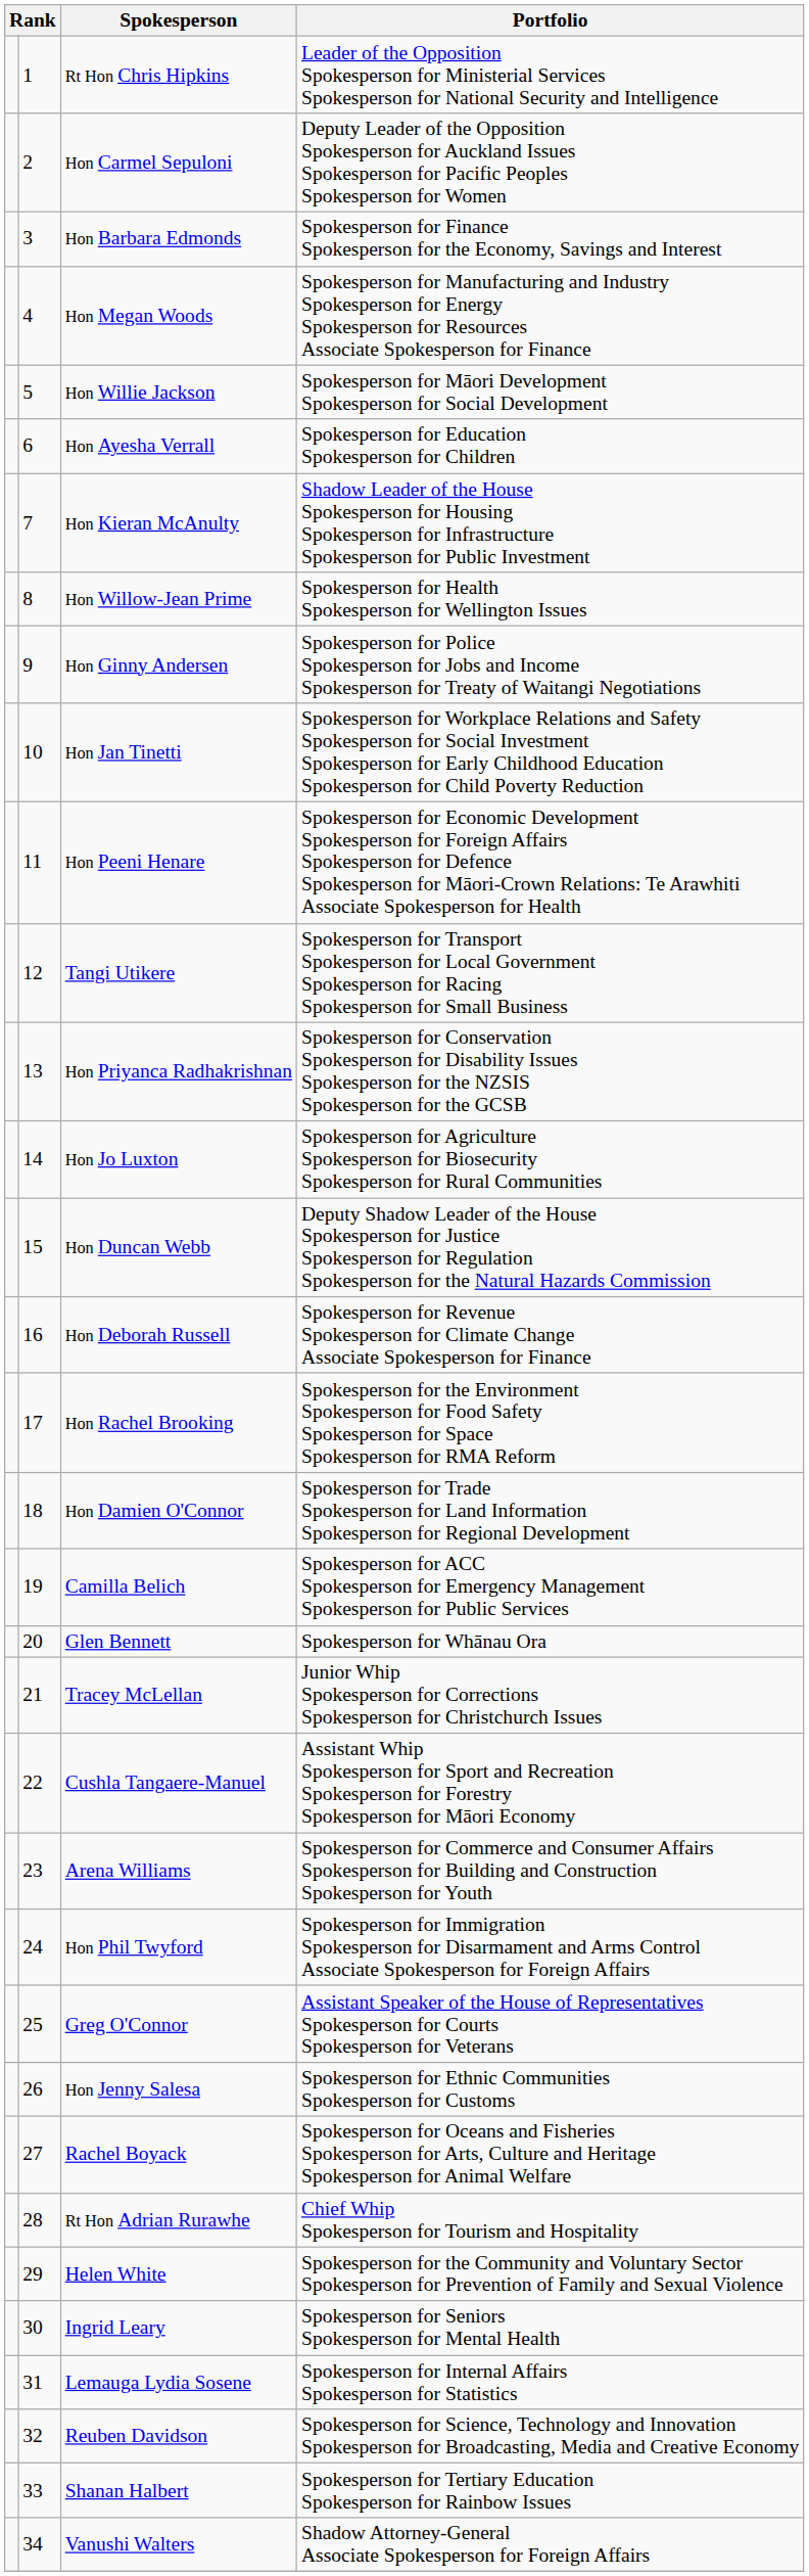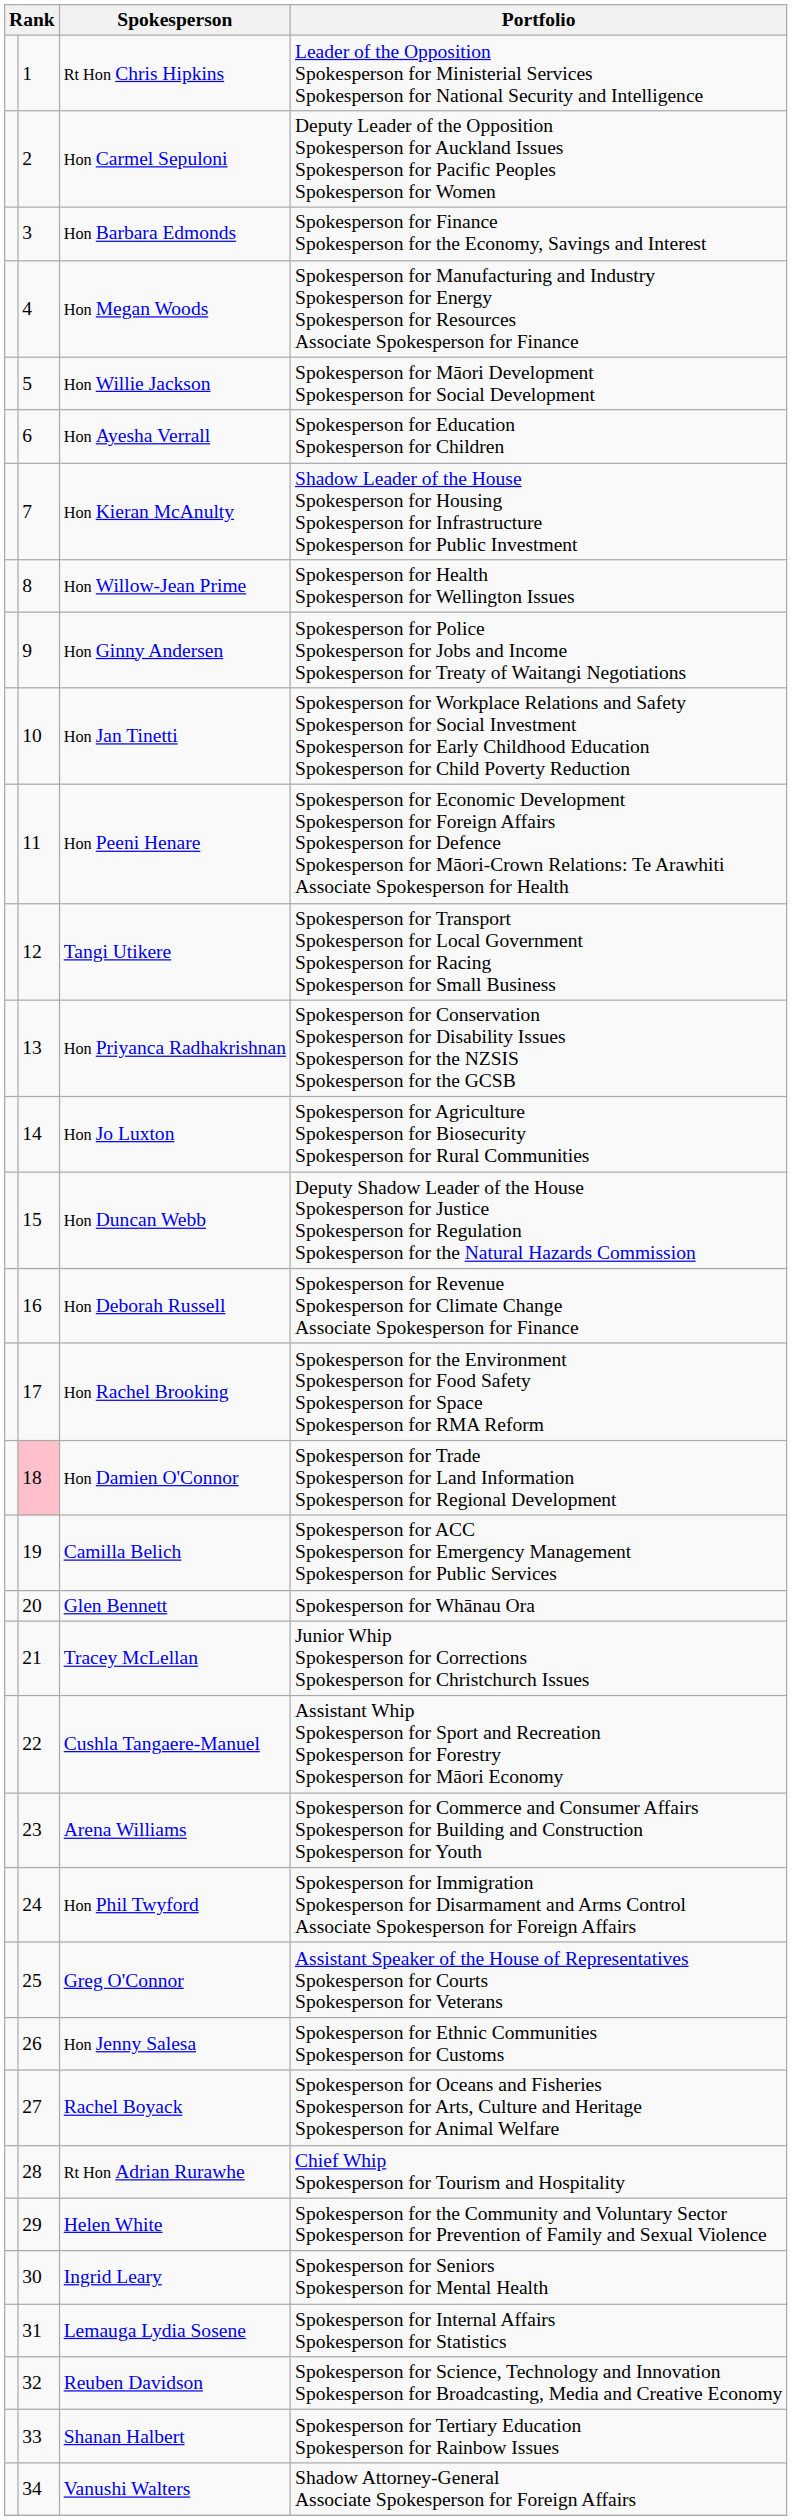 <table class="wikitable">
 <tr>
 <th colspan="2">Rank</th>
 <th>Spokesperson</th>
 <th>Portfolio</th>
 </tr>
 <tr>
 <td bgcolor=></td>
 <td>1</td>
 <td><small>Rt Hon </small><a href='#'>Chris Hipkins</a></td>
 <td><a href='#'>Leader of the Opposition</a><br>Spokesperson for Ministerial Services<br>Spokesperson for National Security and Intelligence</td>
 </tr>
 <tr>
 <td bgcolor=></td>
 <td>2</td>
 <td><small>Hon </small><a href='#'>Carmel Sepuloni</a></td>
 <td>Deputy Leader of the Opposition<br>Spokesperson for Auckland Issues<br>Spokesperson for Pacific Peoples<br>Spokesperson for Women</td>
 </tr>
 <tr>
 <td bgcolor=></td>
 <td>3</td>
 <td><small>Hon </small><a href='#'>Barbara Edmonds</a></td>
 <td>Spokesperson for Finance<br>Spokesperson for the Economy, Savings and Interest</td>
 </tr>
 <tr>
 <td bgcolor=></td>
 <td>4</td>
 <td><small>Hon </small><a href='#'>Megan Woods</a></td>
 <td>Spokesperson for Manufacturing and Industry<br>Spokesperson for Energy<br>Spokesperson for Resources<br>Associate Spokesperson for Finance</td>
 </tr>
 <tr>
 <td bgcolor=></td>
 <td>5</td>
 <td><small>Hon </small><a href='#'>Willie Jackson</a></td>
 <td>Spokesperson for Māori Development<br>Spokesperson for Social Development</td>
 </tr>
 <tr>
 <td bgcolor=></td>
 <td>6</td>
 <td><small>Hon </small><a href='#'>Ayesha Verrall</a></td>
 <td>Spokesperson for Education<br>Spokesperson for Children</td>
 </tr>
 <tr>
 <td bgcolor=></td>
 <td>7</td>
 <td><small>Hon </small><a href='#'>Kieran McAnulty</a></td>
 <td><a href='#'>Shadow Leader of the House</a><br>Spokesperson for Housing<br>Spokesperson for Infrastructure<br>Spokesperson for Public Investment</td>
 </tr>
 <tr>
 <td bgcolor=></td>
 <td>8</td>
 <td><small>Hon </small><a href='#'>Willow-Jean Prime</a></td>
 <td>Spokesperson for Health<br>Spokesperson for Wellington Issues</td>
 </tr>
 <tr>
 <td bgcolor=></td>
 <td>9</td>
 <td><small>Hon </small><a href='#'>Ginny Andersen</a></td>
 <td>Spokesperson for Police<br>Spokesperson for Jobs and Income<br>Spokesperson for Treaty of Waitangi Negotiations</td>
 </tr>
 <tr>
 <td bgcolor=></td>
 <td>10</td>
 <td><small>Hon </small><a href='#'>Jan Tinetti</a></td>
 <td>Spokesperson for Workplace Relations and Safety<br>Spokesperson for Social Investment<br>Spokesperson for Early Childhood Education<br>Spokesperson for Child Poverty Reduction</td>
 </tr>
 <tr>
 <td bgcolor=></td>
 <td>11</td>
 <td><small>Hon </small><a href='#'>Peeni Henare</a></td>
 <td>Spokesperson for Economic Development<br>Spokesperson for Foreign Affairs<br>Spokesperson for Defence<br>Spokesperson for Māori-Crown Relations: Te Arawhiti<br>Associate Spokesperson for Health</td>
 </tr>
 <tr>
 <td bgcolor=></td>
 <td>12</td>
 <td><a href='#'>Tangi Utikere</a></td>
 <td>Spokesperson for Transport<br>Spokesperson for Local Government<br>Spokesperson for Racing<br>Spokesperson for Small Business</td>
 </tr>
 <tr>
 <td bgcolor=></td>
 <td>13</td>
 <td><small>Hon </small><a href='#'>Priyanca Radhakrishnan</a></td>
 <td>Spokesperson for Conservation<br>Spokesperson for Disability Issues<br>Spokesperson for the NZSIS<br>Spokesperson for the GCSB</td>
 </tr>
 <tr>
 <td bgcolor=></td>
 <td>14</td>
 <td><small>Hon </small><a href='#'>Jo Luxton</a></td>
 <td>Spokesperson for Agriculture<br>Spokesperson for Biosecurity<br>Spokesperson for Rural Communities</td>
 </tr>
 <tr>
 <td bgcolor=></td>
 <td>15</td>
 <td><small>Hon </small><a href='#'>Duncan Webb</a></td>
 <td>Deputy Shadow Leader of the House<br>Spokesperson for Justice<br>Spokesperson for Regulation<br>Spokesperson for the <a href='#'>Natural Hazards Commission</a></td>
 </tr>
 <tr>
 <td bgcolor=></td>
 <td>16</td>
 <td><small>Hon </small><a href='#'>Deborah Russell</a></td>
 <td>Spokesperson for Revenue<br>Spokesperson for Climate Change<br>Associate Spokesperson for Finance</td>
 </tr>
 <tr>
 <td bgcolor=></td>
 <td>17</td>
 <td><small>Hon </small><a href='#'>Rachel Brooking</a></td>
 <td>Spokesperson for the Environment<br>Spokesperson for Food Safety<br>Spokesperson for Space<br>Spokesperson for RMA Reform</td>
 </tr>
 <tr>
 <td bgcolor=></td>
-<td>18</td>
+<td style="background: pink;">18</td>
 <td><small>Hon </small><a href='#'>Damien O'Connor</a></td>
 <td>Spokesperson for Trade<br>Spokesperson for Land Information<br>Spokesperson for Regional Development</td>
 </tr>
 <tr>
 <td bgcolor=></td>
 <td>19</td>
 <td><a href='#'>Camilla Belich</a></td>
 <td>Spokesperson for ACC<br>Spokesperson for Emergency Management<br>Spokesperson for Public Services</td>
 </tr>
 <tr>
 <td bgcolor=></td>
 <td>20</td>
 <td><a href='#'>Glen Bennett</a></td>
 <td>Spokesperson for Whānau Ora</td>
 </tr>
 <tr>
 <td bgcolor=></td>
 <td>21</td>
 <td><a href='#'>Tracey McLellan</a></td>
 <td>Junior Whip<br>Spokesperson for Corrections<br>Spokesperson for Christchurch Issues</td>
 </tr>
 <tr>
 <td bgcolor=></td>
 <td>22</td>
 <td><a href='#'>Cushla Tangaere-Manuel</a></td>
 <td>Assistant Whip<br>Spokesperson for Sport and Recreation<br>Spokesperson for Forestry<br>Spokesperson for Māori Economy</td>
 </tr>
 <tr>
 <td bgcolor=></td>
 <td>23</td>
 <td><a href='#'>Arena Williams</a></td>
 <td>Spokesperson for Commerce and Consumer Affairs<br>Spokesperson for Building and Construction<br>Spokesperson for Youth</td>
 </tr>
 <tr>
 <td bgcolor=></td>
 <td>24</td>
 <td><small>Hon </small><a href='#'>Phil Twyford</a></td>
 <td>Spokesperson for Immigration<br>Spokesperson for Disarmament and Arms Control<br>Associate Spokesperson for Foreign Affairs</td>
 </tr>
 <tr>
 <td bgcolor=></td>
 <td>25</td>
 <td><a href='#'>Greg O'Connor</a></td>
 <td><a href='#'>Assistant Speaker of the House of Representatives</a><br>Spokesperson for Courts<br>Spokesperson for Veterans</td>
 </tr>
 <tr>
 <td bgcolor=></td>
 <td>26</td>
 <td><small>Hon </small><a href='#'>Jenny Salesa</a></td>
 <td>Spokesperson for Ethnic Communities<br>Spokesperson for Customs</td>
 </tr>
 <tr>
 <td bgcolor=></td>
 <td>27</td>
 <td><a href='#'>Rachel Boyack</a></td>
 <td>Spokesperson for Oceans and Fisheries<br>Spokesperson for Arts, Culture and Heritage<br>Spokesperson for Animal Welfare</td>
 </tr>
 <tr>
 <td bgcolor=></td>
 <td>28</td>
 <td><small>Rt Hon </small><a href='#'>Adrian Rurawhe</a></td>
 <td><a href='#'>Chief Whip</a><br>Spokesperson for Tourism and Hospitality</td>
 </tr>
 <tr>
 <td bgcolor=></td>
 <td>29</td>
 <td><a href='#'>Helen White</a></td>
 <td>Spokesperson for the Community and Voluntary Sector<br>Spokesperson for Prevention of Family and Sexual Violence</td>
 </tr>
 <tr>
 <td bgcolor=></td>
 <td>30</td>
 <td><a href='#'>Ingrid Leary</a></td>
 <td>Spokesperson for Seniors<br>Spokesperson for Mental Health</td>
 </tr>
 <tr>
 <td bgcolor=></td>
 <td>31</td>
 <td><a href='#'>Lemauga Lydia Sosene</a></td>
 <td>Spokesperson for Internal Affairs<br>Spokesperson for Statistics</td>
 </tr>
 <tr>
 <td bgcolor=></td>
 <td>32</td>
 <td><a href='#'>Reuben Davidson</a></td>
 <td>Spokesperson for Science, Technology and Innovation<br>Spokesperson for Broadcasting, Media and Creative Economy</td>
 </tr>
 <tr>
 <td bgcolor=></td>
 <td>33</td>
 <td><a href='#'>Shanan Halbert</a></td>
 <td>Spokesperson for Tertiary Education<br>Spokesperson for Rainbow Issues</td>
 </tr>
 <tr>
 <td bgcolor=></td>
 <td>34</td>
 <td><a href='#'>Vanushi Walters</a></td>
 <td>Shadow Attorney-General<br>Associate Spokesperson for Foreign Affairs</td>
 </tr>
 <tr>
 </tr>
 </table>
